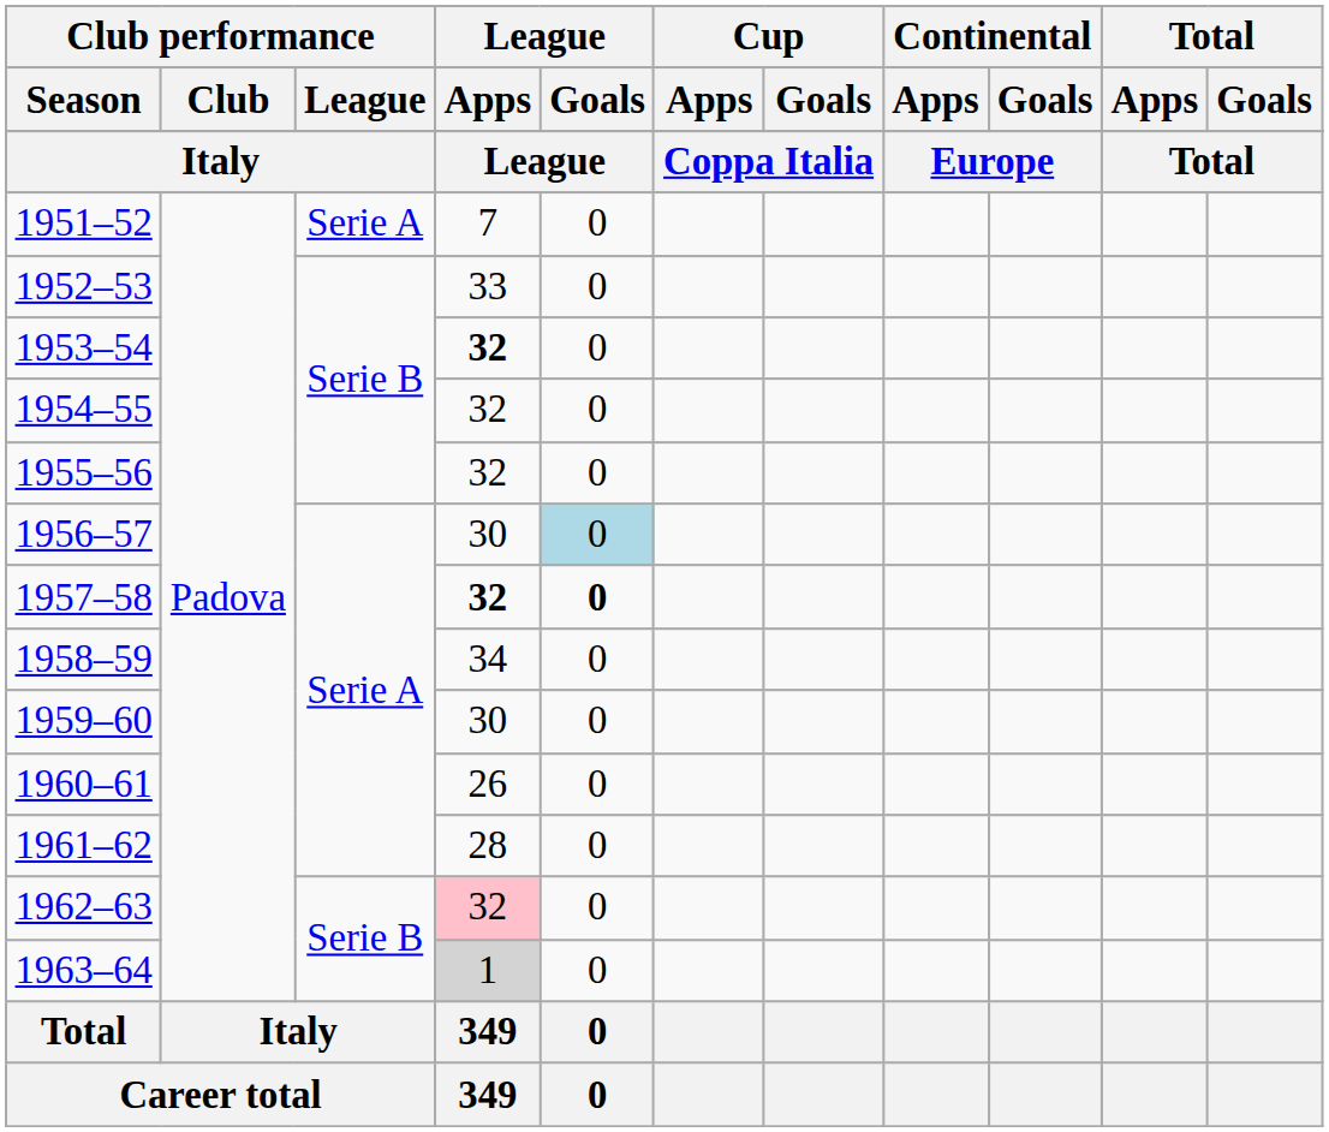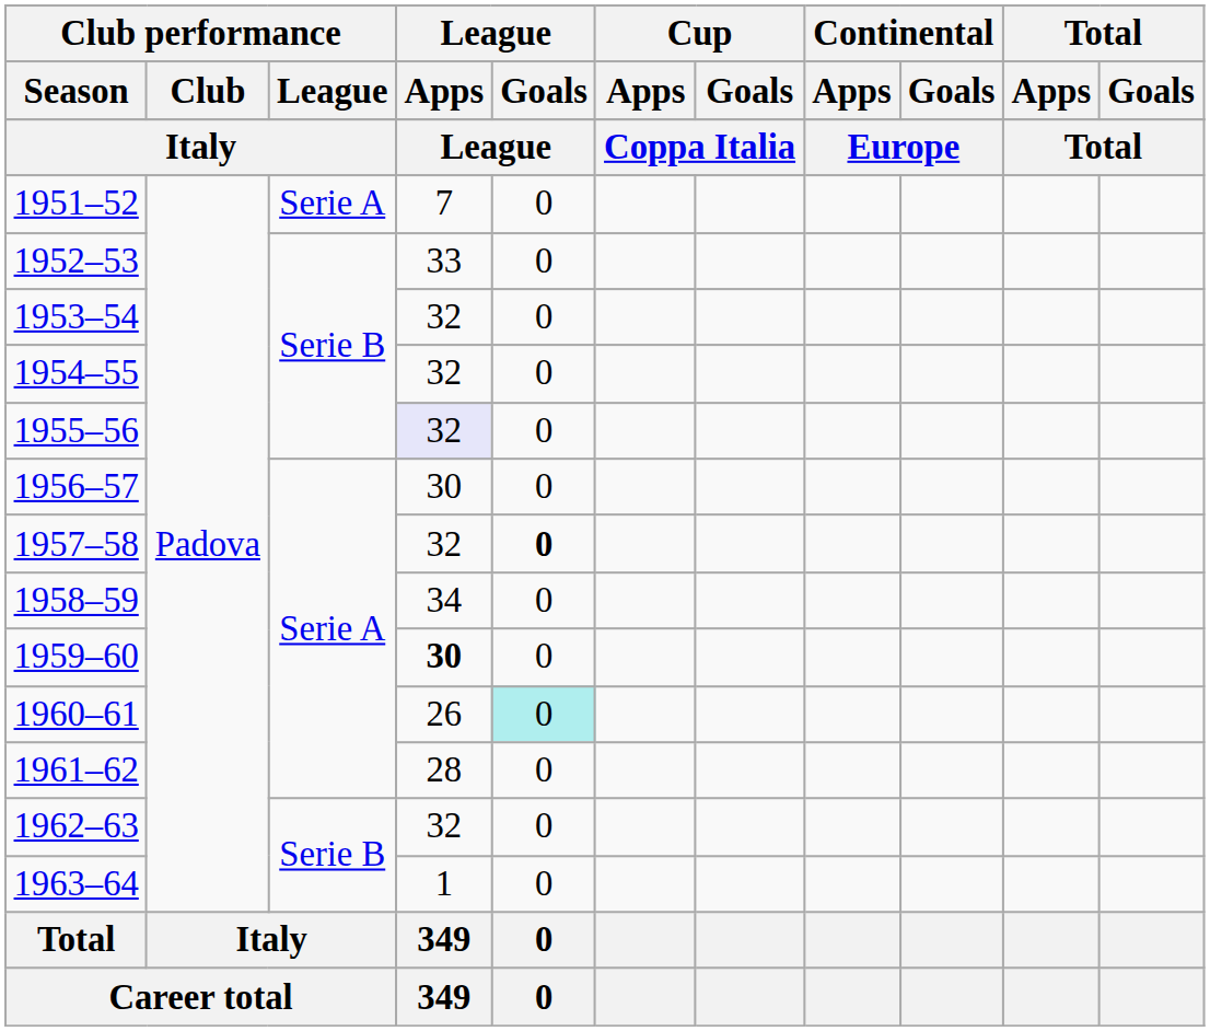 <table class="wikitable" style="text-align:center">
 <tr>
 <th colspan=3>Club performance</th>
 <th colspan=2>League</th>
 <th colspan=2>Cup</th>
 <th colspan=2>Continental</th>
 <th colspan=2>Total</th>
 </tr>
 <tr>
 <th>Season</th>
 <th>Club</th>
 <th>League</th>
 <th>Apps</th>
 <th>Goals</th>
 <th>Apps</th>
 <th>Goals</th>
 <th>Apps</th>
 <th>Goals</th>
 <th>Apps</th>
 <th>Goals</th>
 </tr>
 <tr>
 </tr>
 <tr>
 <th colspan=3>Italy</th>
 <th colspan=2>League</th>
 <th colspan=2><a href='#'>Coppa Italia</a></th>
 <th colspan=2><a href='#'>Europe</a></th>
 <th colspan=2>Total</th>
 </tr>
 <tr>
 <td><a href='#'>1951–52</a></td>
 <td rowspan="13"><a href='#'>Padova</a></td>
 <td rowspan="1"><a href='#'>Serie A</a></td>
 <td>7</td>
 <td>0</td>
 <td></td>
 <td></td>
 <td></td>
 <td></td>
 <td></td>
 <td></td>
 </tr>
 <tr>
 <td><a href='#'>1952–53</a></td>
 <td rowspan="4"><a href='#'>Serie B</a></td>
 <td>33</td>
 <td>0</td>
 <td></td>
 <td></td>
 <td></td>
 <td></td>
 <td></td>
 <td></td>
 </tr>
 <tr>
 <td><a href='#'>1953–54</a></td>
-<td><strong>32</strong></td>
+<td>32</td>
 <td>0</td>
 <td></td>
 <td></td>
 <td></td>
 <td></td>
 <td></td>
 <td></td>
 </tr>
 <tr>
 <td><a href='#'>1954–55</a></td>
 <td>32</td>
 <td>0</td>
 <td></td>
 <td></td>
 <td></td>
 <td></td>
 <td></td>
 <td></td>
 </tr>
 <tr>
 <td><a href='#'>1955–56</a></td>
-<td>32</td>
+<td style="background: lavender;">32</td>
 <td>0</td>
 <td></td>
 <td></td>
 <td></td>
 <td></td>
 <td></td>
 <td></td>
 </tr>
 <tr>
 <td><a href='#'>1956–57</a></td>
 <td rowspan="6"><a href='#'>Serie A</a></td>
 <td>30</td>
-<td style="background: lightblue;">0</td>
+<td>0</td>
 <td></td>
 <td></td>
 <td></td>
 <td></td>
 <td></td>
 <td></td>
 </tr>
 <tr>
 <td><a href='#'>1957–58</a></td>
-<td><strong>32</strong></td>
+<td>32</td>
 <td><strong>0</strong></td>
 <td></td>
 <td></td>
 <td></td>
 <td></td>
 <td></td>
 <td></td>
 </tr>
 <tr>
 <td><a href='#'>1958–59</a></td>
 <td>34</td>
 <td>0</td>
 <td></td>
 <td></td>
 <td></td>
 <td></td>
 <td></td>
 <td></td>
 </tr>
 <tr>
 <td><a href='#'>1959–60</a></td>
-<td>30</td>
+<td><strong>30</strong></td>
 <td>0</td>
 <td></td>
 <td></td>
 <td></td>
 <td></td>
 <td></td>
 <td></td>
 </tr>
 <tr>
 <td><a href='#'>1960–61</a></td>
 <td>26</td>
-<td>0</td>
+<td style="background: paleturquoise;">0</td>
 <td></td>
 <td></td>
 <td></td>
 <td></td>
 <td></td>
 <td></td>
 </tr>
 <tr>
 <td><a href='#'>1961–62</a></td>
 <td>28</td>
 <td>0</td>
 <td></td>
 <td></td>
 <td></td>
 <td></td>
 <td></td>
 <td></td>
 </tr>
 <tr>
 <td><a href='#'>1962–63</a></td>
 <td rowspan="2"><a href='#'>Serie B</a></td>
-<td style="background: pink;">32</td>
+<td>32</td>
 <td>0</td>
 <td></td>
 <td></td>
 <td></td>
 <td></td>
 <td></td>
 <td></td>
 </tr>
 <tr>
 <td><a href='#'>1963–64</a></td>
-<td style="background: lightgrey;">1</td>
+<td>1</td>
 <td>0</td>
 <td></td>
 <td></td>
 <td></td>
 <td></td>
 <td></td>
 <td></td>
 </tr>
 <tr>
 <th rowspan=1>Total</th>
 <th colspan=2>Italy</th>
 <th>349</th>
 <th>0</th>
 <th></th>
 <th></th>
 <th></th>
 <th></th>
 <th></th>
 <th></th>
 </tr>
 <tr>
 <th colspan=3>Career total</th>
 <th>349</th>
 <th>0</th>
 <th></th>
 <th></th>
 <th></th>
 <th></th>
 <th></th>
 <th></th>
 </tr>
 </table>
